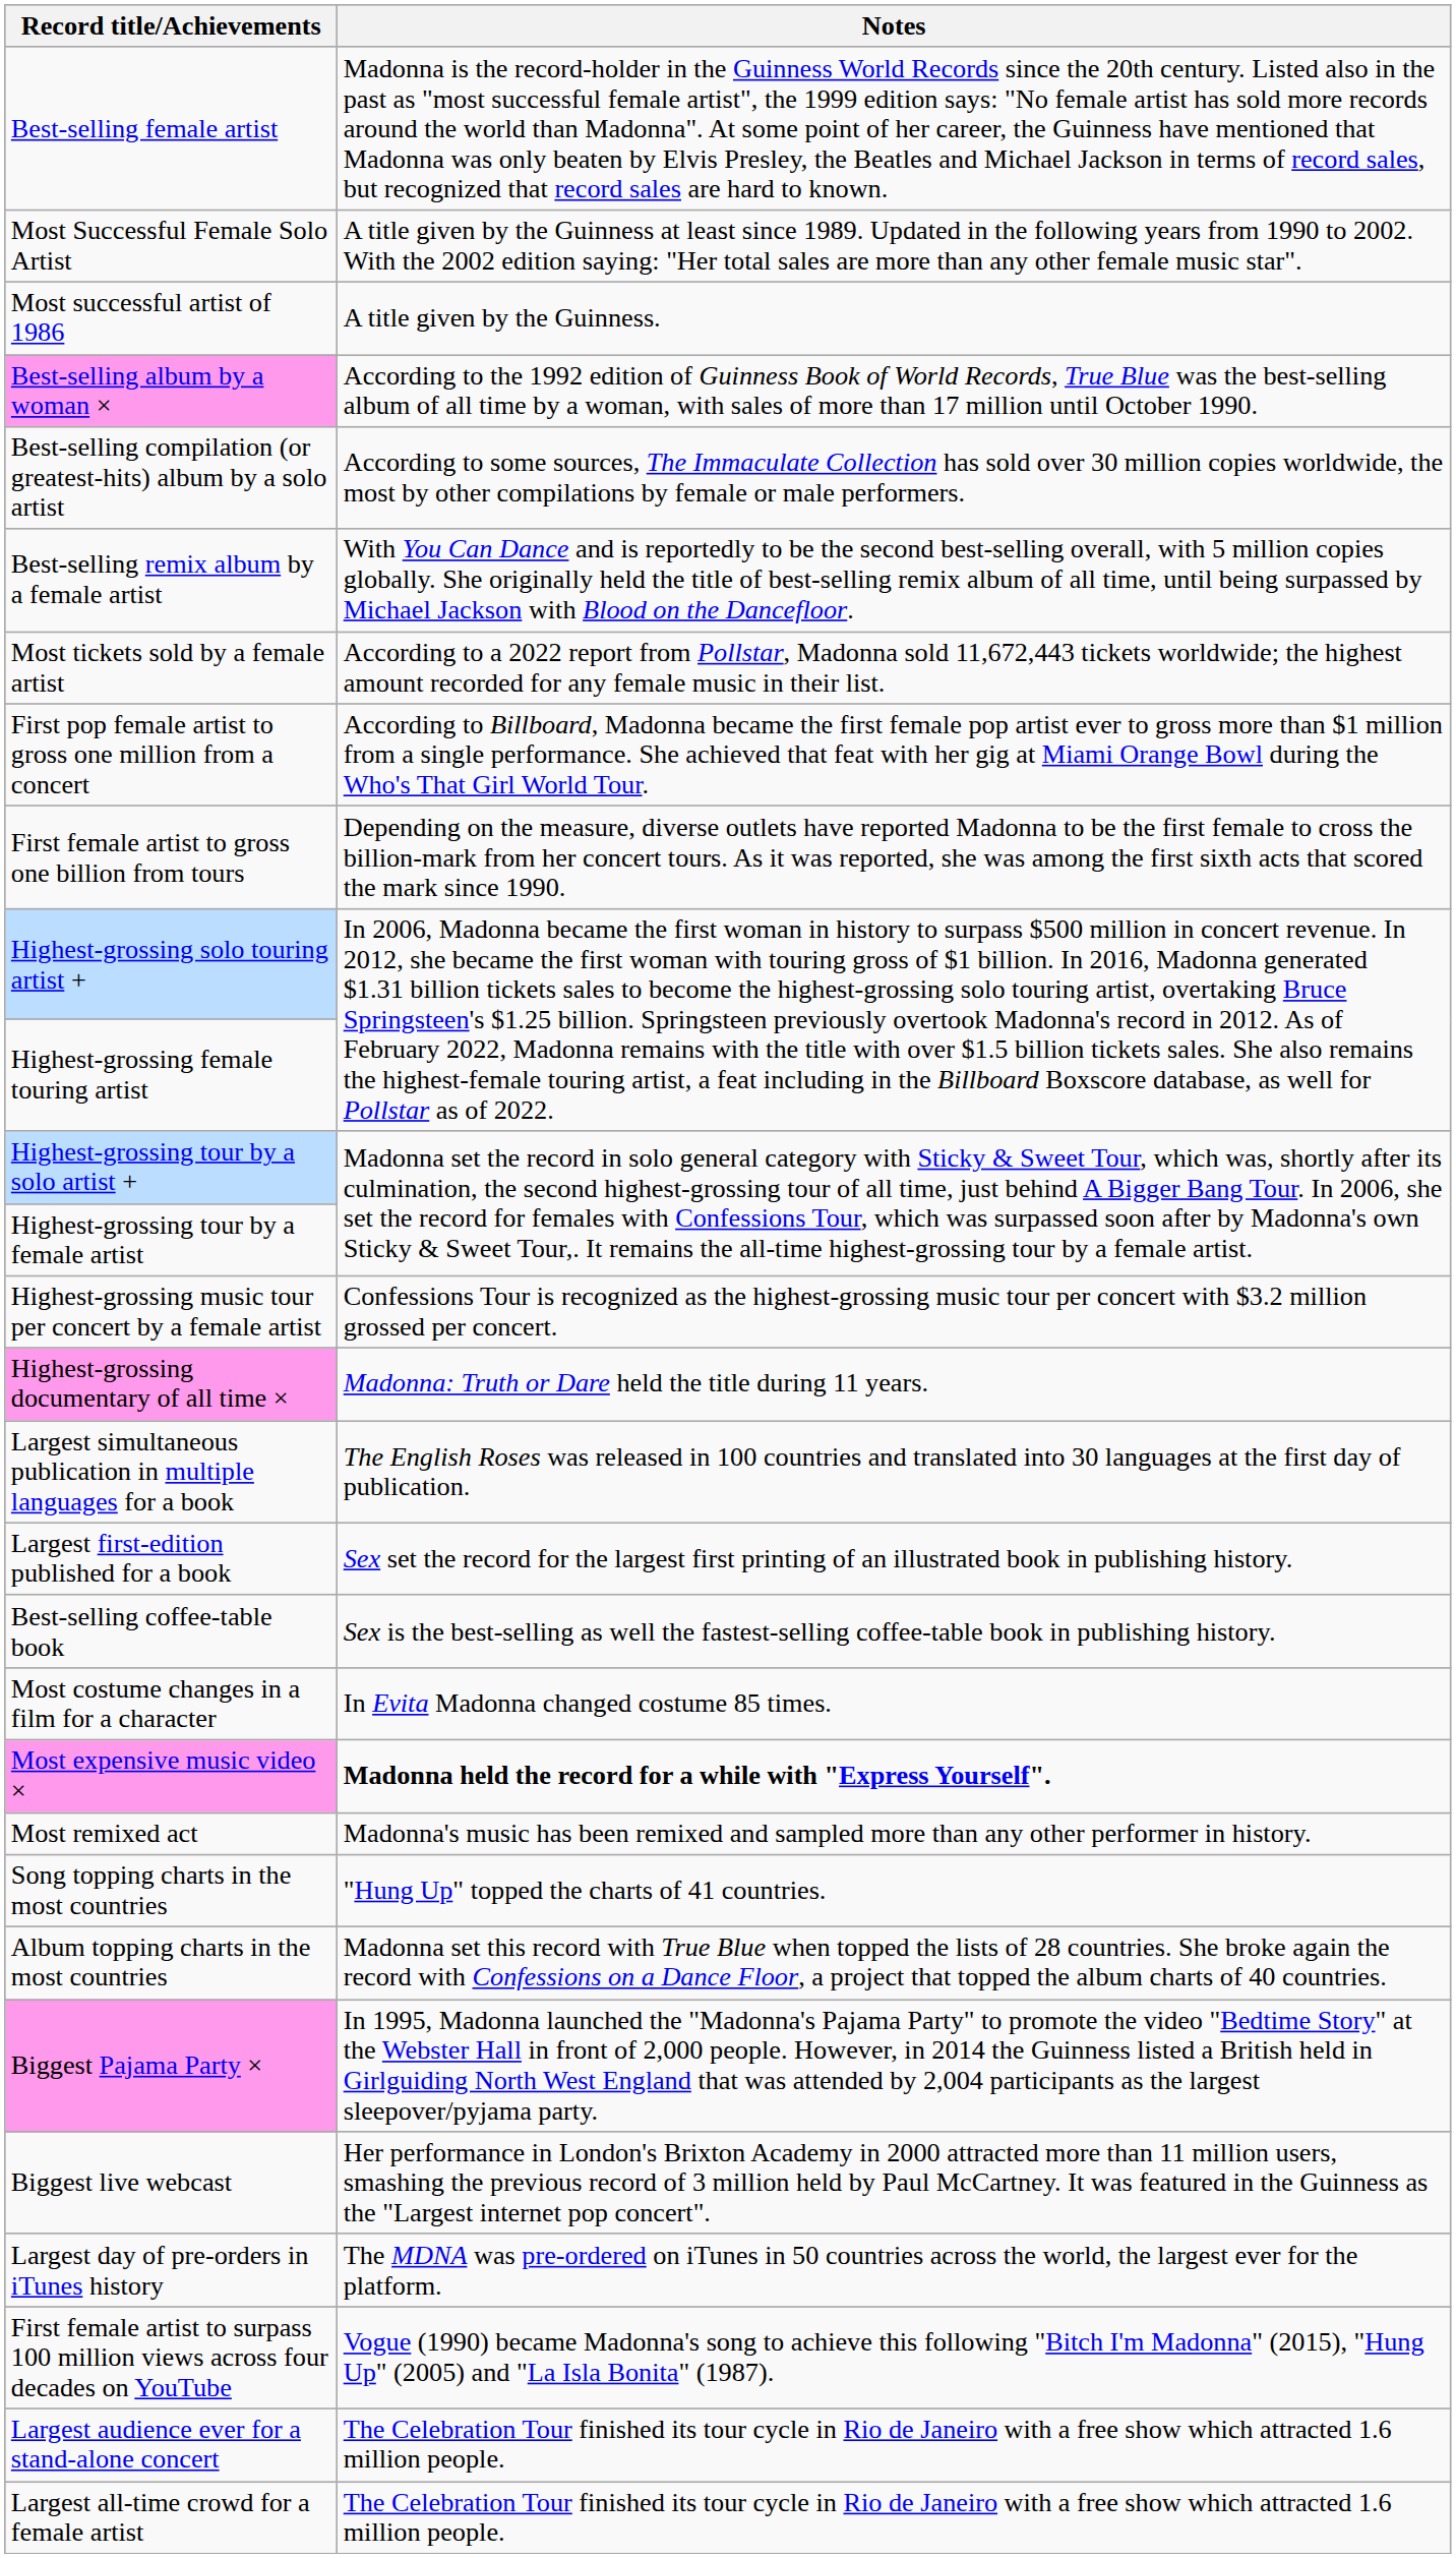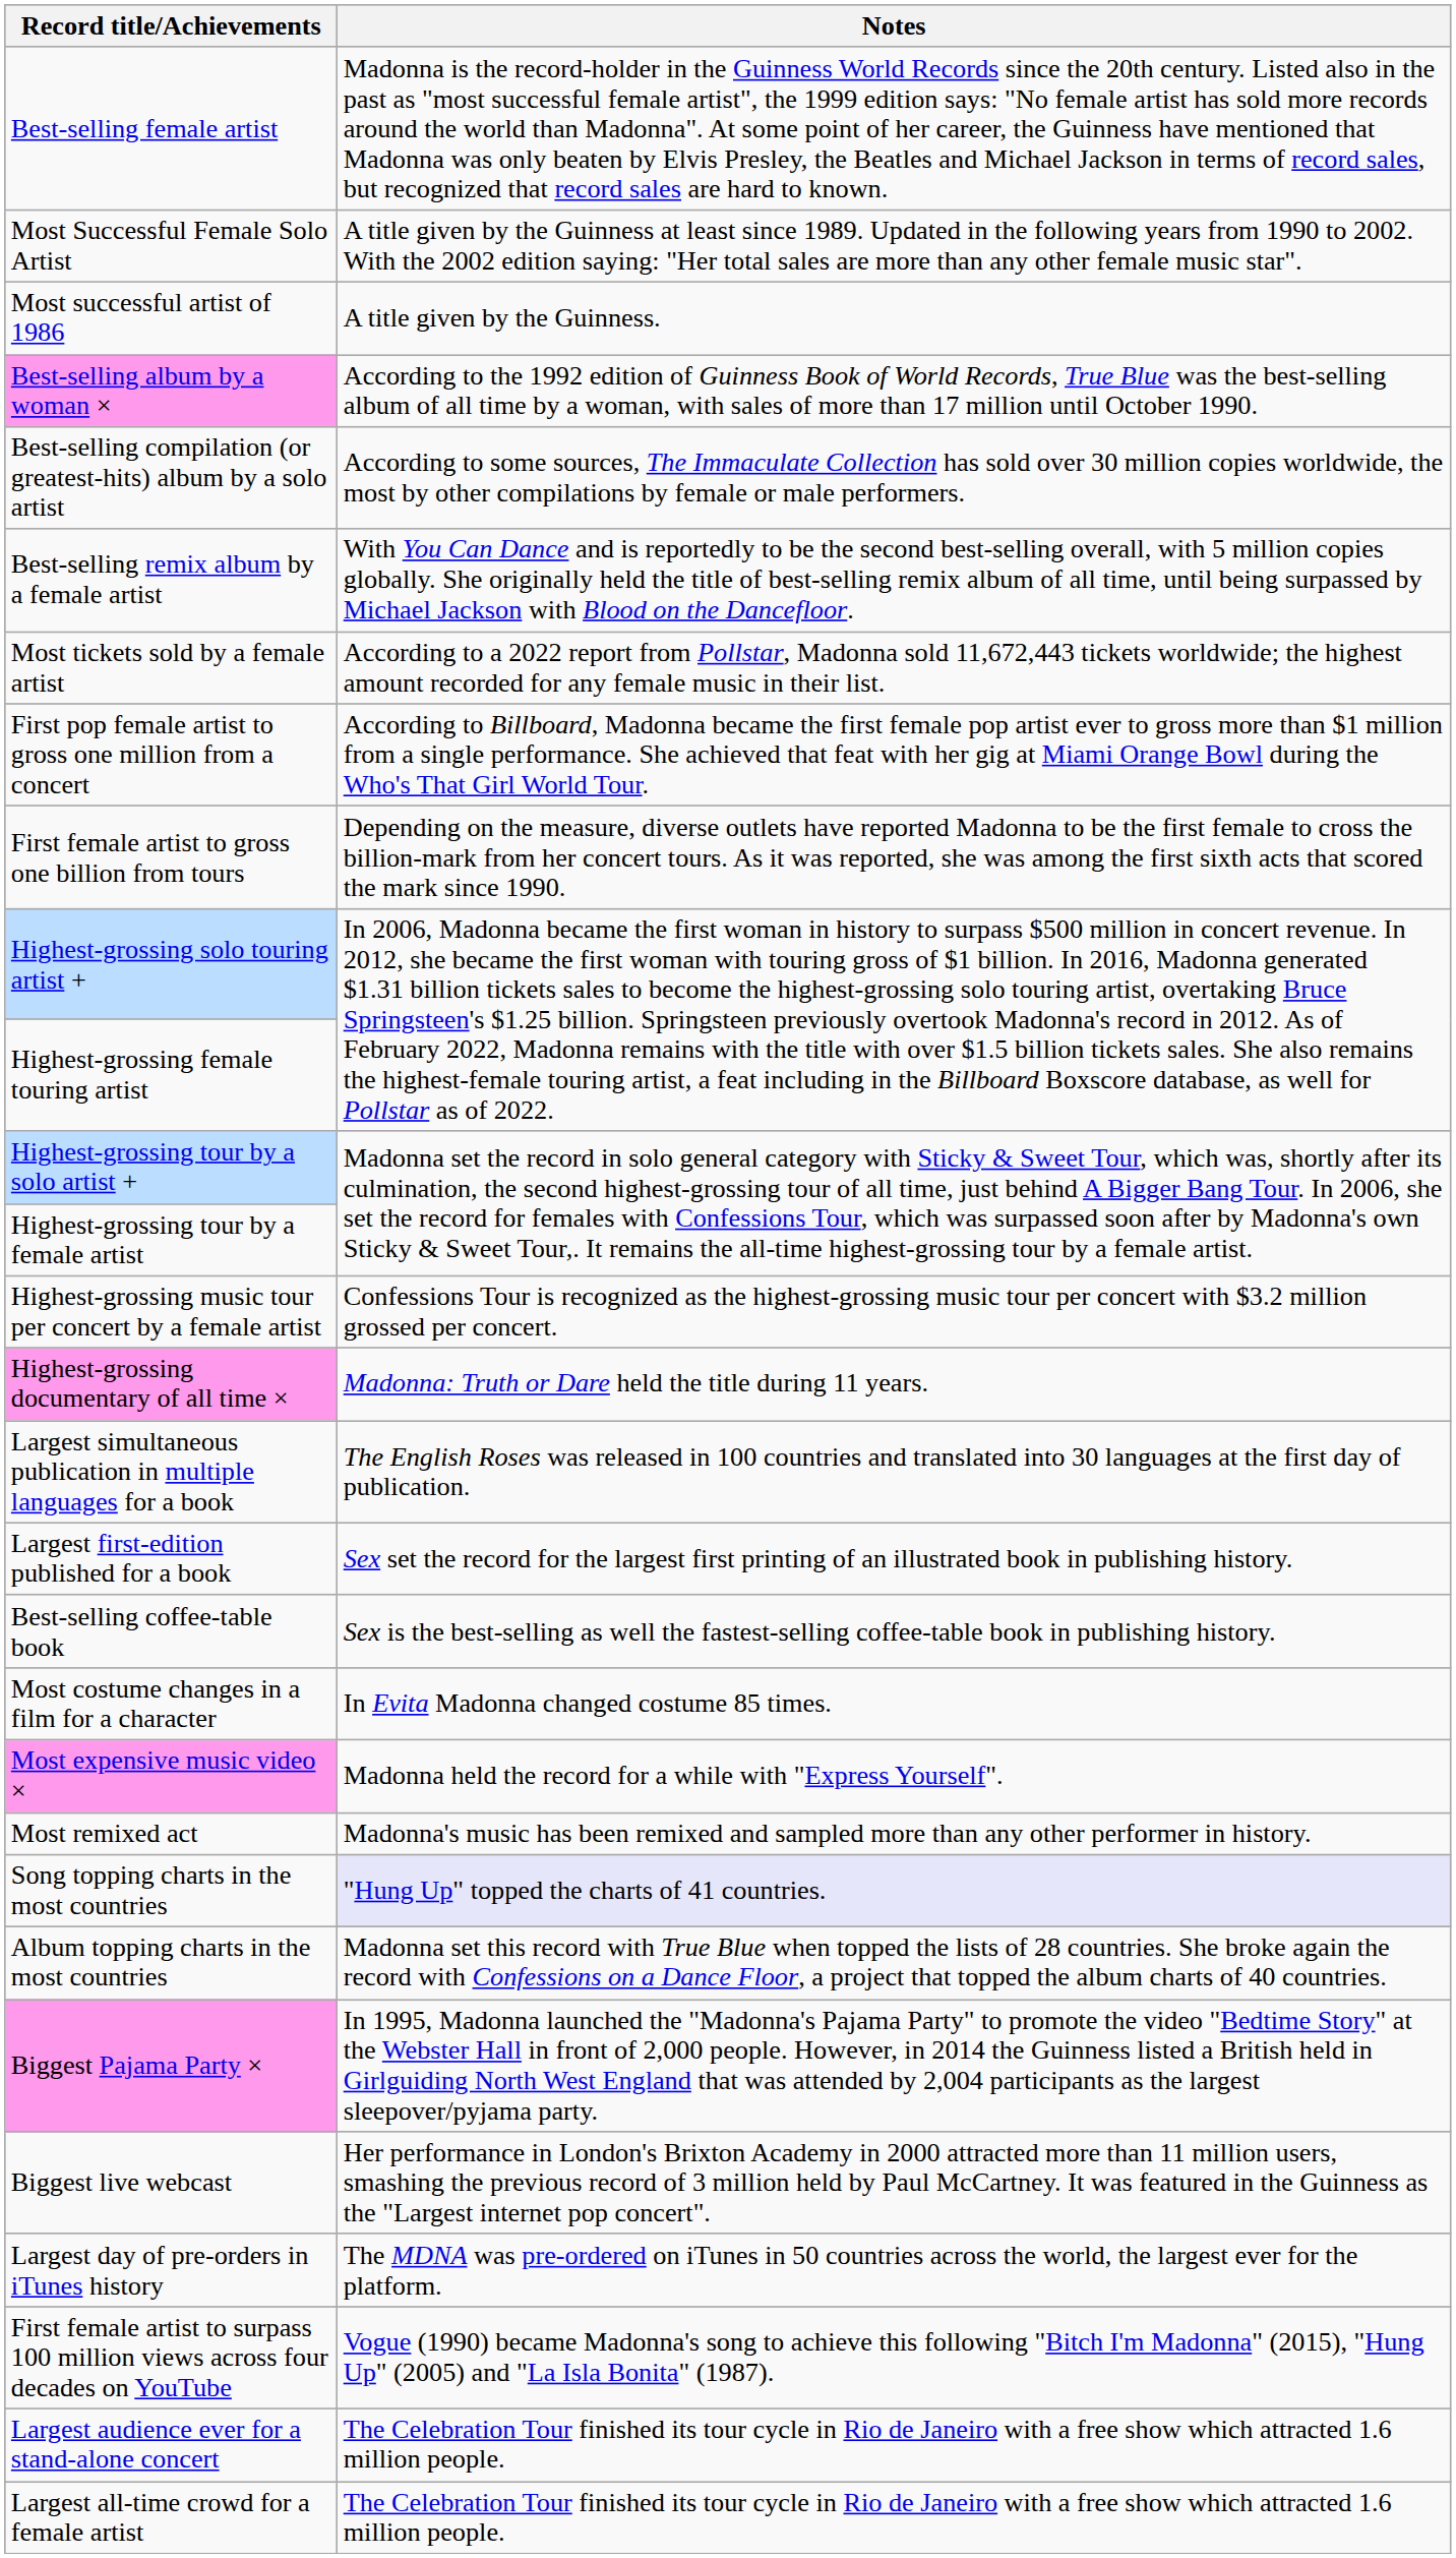 <table class="wikitable sortable plainrowheaders">
 <tr>
 <th scope="col" width=20%>Record title/Achievements</th>
 <th scope="col" width=67%>Notes</th>
 </tr>
 <tr>
 <td><a href='#'>Best-selling female artist</a> </td>
 <td>Madonna is the record-holder in the <a href='#'>Guinness World Records</a> since the 20th century. Listed also in the past as "most successful female artist", the 1999 edition says: "No female artist has sold more records around the world than Madonna". At some point of her career, the Guinness have mentioned that Madonna was only beaten by Elvis Presley, the Beatles and Michael Jackson in terms of <a href='#'>record sales</a>, but recognized that <a href='#'>record sales</a> are hard to known.</td>
 </tr>
 <tr>
 <td>Most Successful Female Solo Artist </td>
 <td>A title given by the Guinness at least since 1989. Updated in the following years from 1990 to 2002. With the 2002 edition saying: "Her total sales are more than any other female music star".</td>
 </tr>
 <tr>
 <td>Most successful artist of <a href='#'>1986</a> </td>
 <td>A title given by the Guinness.</td>
 </tr>
 <tr>
 <td style="background-color: #FF99EB;"><a href='#'>Best-selling album by a woman</a> × </td>
 <td>According to the 1992 edition of <em>Guinness Book of World Records</em>, <em><a href='#'>True Blue</a></em> was the best-selling album of all time by a woman, with sales of more than 17 million until October 1990.</td>
 </tr>
 <tr>
 <td>Best-selling compilation (or greatest-hits) album by a solo artist</td>
 <td>According to some sources, <em><a href='#'>The Immaculate Collection</a></em> has sold over 30 million copies worldwide, the most by other compilations by female or male performers.</td>
 </tr>
 <tr>
 <td>Best-selling <a href='#'>remix album</a> by a female artist</td>
 <td>With <em><a href='#'>You Can Dance</a></em> and is reportedly to be the second best-selling overall, with 5 million copies globally. She originally held the title of best-selling remix album of all time, until being surpassed by <a href='#'>Michael Jackson</a> with <em><a href='#'>Blood on the Dancefloor</a></em>.</td>
 </tr>
 <tr>
 <td>Most tickets sold by a female artist</td>
 <td>According to a 2022 report from <em><a href='#'>Pollstar</a></em>, Madonna sold 11,672,443 tickets worldwide; the highest amount recorded for any female music in their list.</td>
 </tr>
 <tr>
 <td>First pop female artist to gross  one million from a concert</td>
 <td>According to <em>Billboard</em>, Madonna became the first female pop artist ever to gross more than $1 million from a single performance. She achieved that feat with her gig at <a href='#'>Miami Orange Bowl</a> during the <a href='#'>Who's That Girl World Tour</a>.</td>
 </tr>
 <tr>
 <td>First female artist to gross  one billion from tours</td>
 <td>Depending on the measure, diverse outlets have reported Madonna to be the first female to cross the billion-mark from her concert tours. As it was reported, she was among the first sixth acts that scored the mark since 1990.</td>
 </tr>
 <tr>
 <td style="background-color: #bdf;"><a href='#'>Highest-grossing solo touring artist</a> +</td>
 <td rowspan="2">In 2006, Madonna became the first woman in history to surpass $500 million in concert revenue. In 2012, she became the first woman with touring gross of $1 billion. In 2016, Madonna generated $1.31 billion tickets sales to become the highest-grossing solo touring artist, overtaking <a href='#'>Bruce Springsteen</a>'s $1.25 billion. Springsteen previously overtook Madonna's record in 2012. As of February 2022, Madonna remains with the title with over $1.5 billion tickets sales. She also remains the highest-female touring artist, a feat including in the <em>Billboard</em> Boxscore database, as well for <em><a href='#'>Pollstar</a></em> as of 2022.</td>
 </tr>
 <tr>
 <td>Highest-grossing female touring artist</td>
 </tr>
 <tr>
 <td style="background-color: #bdf;"><a href='#'>Highest-grossing tour by a solo artist</a> +</td>
 <td rowspan="2">Madonna set the record in solo general category with <a href='#'>Sticky & Sweet Tour</a>, which was, shortly after its culmination, the second highest-grossing tour of all time, just behind <a href='#'>A Bigger Bang Tour</a>. In 2006, she set the record for females with <a href='#'>Confessions Tour</a>, which was surpassed soon after by Madonna's own Sticky & Sweet Tour,. It remains the all-time highest-grossing tour by a female artist.</td>
 </tr>
 <tr>
 <td>Highest-grossing tour by a female artist </td>
 </tr>
 <tr>
 <td>Highest-grossing music tour per concert by a female artist </td>
 <td>Confessions Tour is recognized as the highest-grossing music tour per concert with $3.2 million grossed per concert.</td>
 </tr>
 <tr>
 <td style="background-color: #ff99eb;">Highest-grossing documentary of all time ×</td>
 <td><em><a href='#'>Madonna: Truth or Dare</a></em> held the title during 11 years.</td>
 </tr>
 <tr>
 <td>Largest simultaneous publication in <a href='#'>multiple languages</a> for a book</td>
 <td><em>The English Roses</em> was released in 100 countries and translated into 30 languages at the first day of publication.</td>
 </tr>
 <tr>
 <td>Largest <a href='#'>first-edition</a> published for a book</td>
 <td><em><a href='#'>Sex</a></em> set the record for the largest first printing of an illustrated book in publishing history.</td>
 </tr>
 <tr>
 <td>Best-selling coffee-table book</td>
 <td><em>Sex</em> is the best-selling as well the fastest-selling coffee-table book in publishing history.</td>
 </tr>
 <tr>
 <td>Most costume changes in a film for a character </td>
 <td>In <em><a href='#'>Evita</a></em> Madonna changed costume 85 times.</td>
 </tr>
 <tr>
 <td style="background-color: #ff99eb;"><a href='#'>Most expensive music video</a> ×</td>
-<td><strong>Madonna held the record for a while with "<a href='#'>Express Yourself</a>".</strong></td>
+<td>Madonna held the record for a while with "<a href='#'>Express Yourself</a>".</td>
 </tr>
 <tr>
 <td>Most remixed act </td>
 <td>Madonna's music has been remixed and sampled more than any other performer in history.</td>
 </tr>
 <tr>
 <td>Song topping charts in the most countries </td>
-<td>"<a href='#'>Hung Up</a>" topped the charts of 41 countries.</td>
+<td style="background: lavender;">"<a href='#'>Hung Up</a>" topped the charts of 41 countries.</td>
 </tr>
 <tr>
 <td>Album topping charts in the most countries	</td>
 <td>Madonna set this record with <em>True Blue</em> when topped the lists of 28 countries. She broke again the record with <em><a href='#'>Confessions on a Dance Floor</a></em>, a project that topped the album charts of 40 countries.</td>
 </tr>
 <tr>
 <td style="background-color: #ff99eb;">Biggest <a href='#'>Pajama Party</a> ×</td>
 <td>In 1995, Madonna launched the "Madonna's Pajama Party" to promote the video "<a href='#'>Bedtime Story</a>" at the <a href='#'>Webster Hall</a> in front of 2,000 people. However, in 2014 the Guinness listed a British held in <a href='#'>Girlguiding North West England</a> that was attended by 2,004 participants as the largest sleepover/pyjama party.</td>
 </tr>
 <tr>
 <td>Biggest live webcast </td>
 <td>Her performance in London's Brixton Academy in 2000 attracted more than 11 million users, smashing the previous record of 3 million held by Paul McCartney. It was featured in the Guinness as the "Largest internet pop concert".</td>
 </tr>
 <tr>
 <td>Largest day of pre-orders in <a href='#'>iTunes</a> history</td>
 <td>The <em><a href='#'>MDNA</a></em> was <a href='#'>pre-ordered</a> on iTunes in 50 countries across the world, the largest ever for the platform.</td>
 </tr>
 <tr>
 <td>First female artist to surpass 100 million views across four decades on <a href='#'>YouTube</a></td>
 <td><a href='#'>Vogue</a> (1990) became Madonna's song to achieve this following "<a href='#'>Bitch I'm Madonna</a>" (2015), "<a href='#'>Hung Up</a>" (2005) and "<a href='#'>La Isla Bonita</a>" (1987).</td>
 </tr>
 <tr>
 <td><a href='#'>Largest audience ever for a stand-alone concert</a></td>
 <td><a href='#'>The Celebration Tour</a> finished its tour cycle in <a href='#'>Rio de Janeiro</a> with a free show which attracted 1.6 million people.</td>
 </tr>
 <tr>
 <td>Largest all-time crowd for a female artist</td>
 <td><a href='#'>The Celebration Tour</a> finished its tour cycle in <a href='#'>Rio de Janeiro</a> with a free show which attracted 1.6 million people.</td>
 </tr>
 </table>
